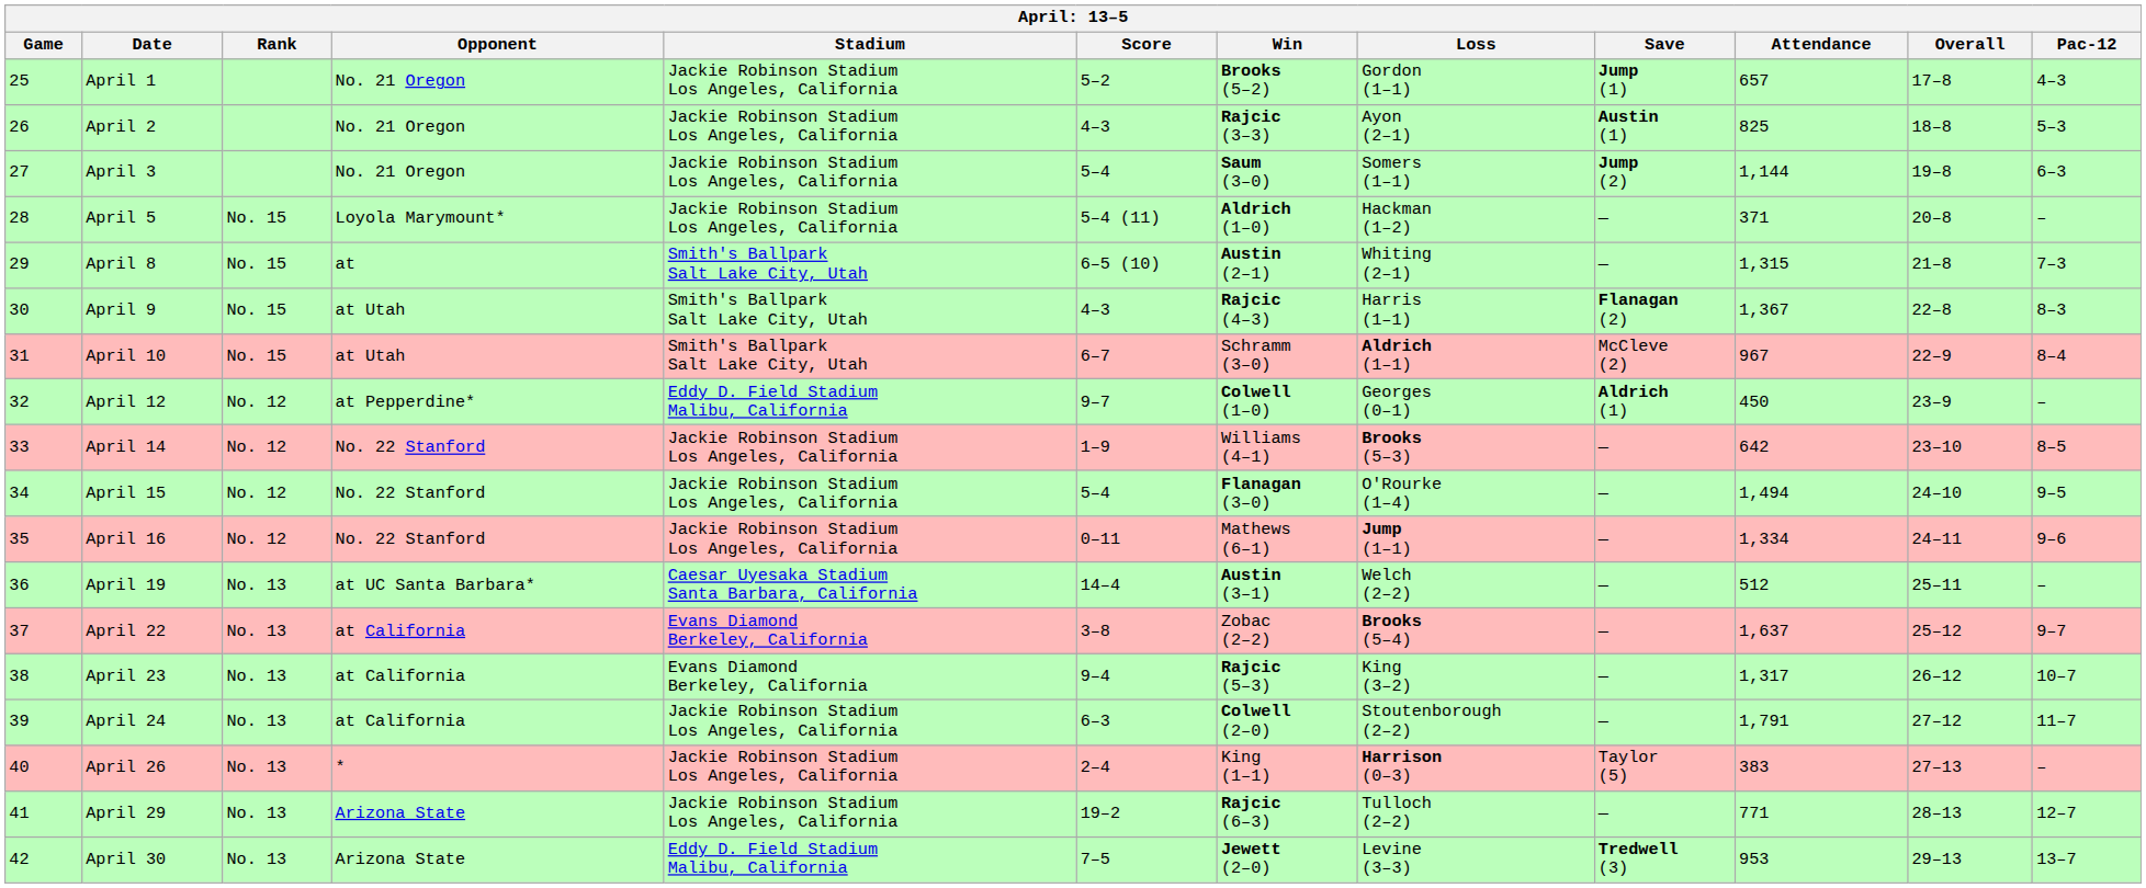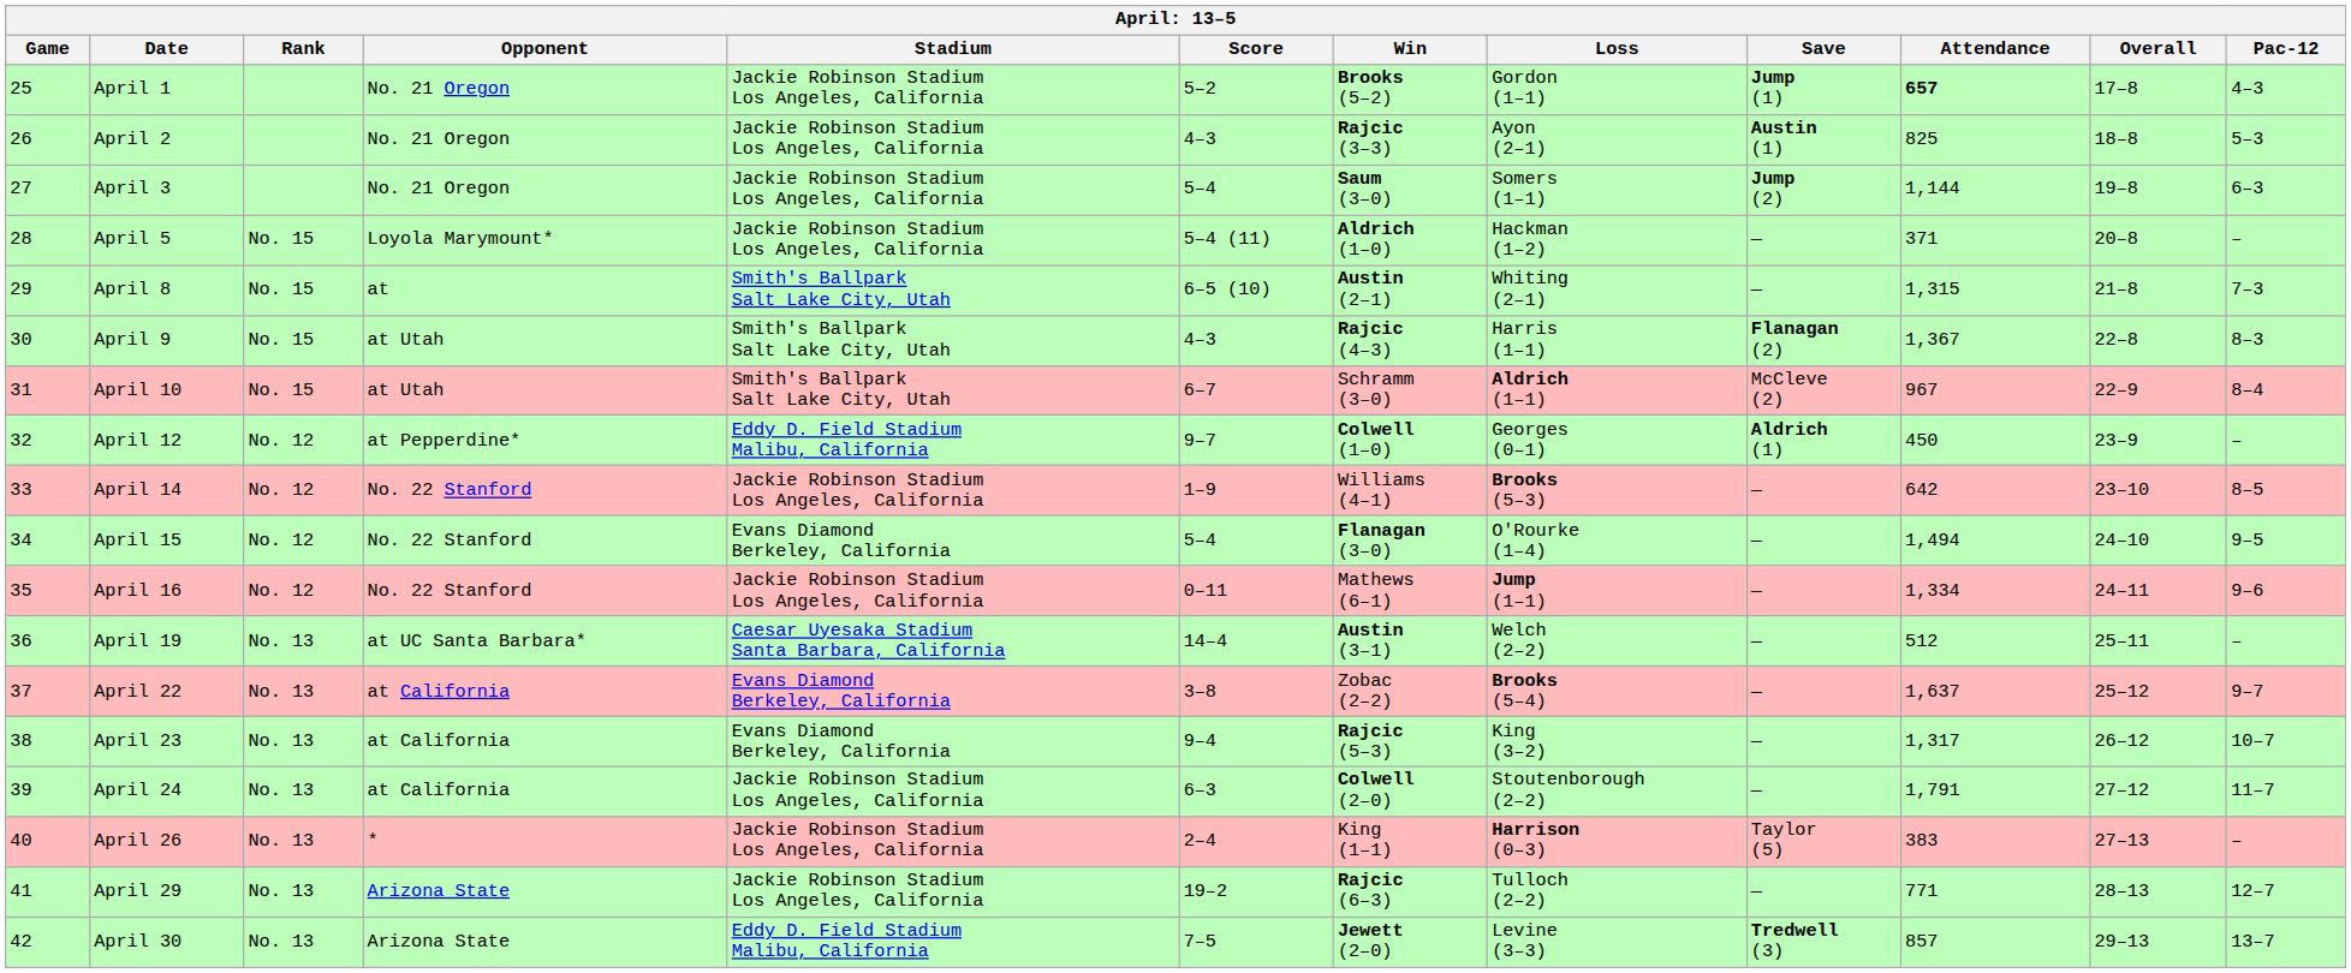 <table class="wikitable collapsible collapsed" style="margin:auto; font-size:95%; width:100%">
 <tr>
 <th colspan=12>April: 13–5</th>
 </tr>
 <tr>
 <th>Game</th>
 <th>Date</th>
 <th>Rank</th>
 <th>Opponent</th>
 <th>Stadium</th>
 <th>Score</th>
 <th>Win</th>
 <th>Loss</th>
 <th>Save</th>
 <th>Attendance</th>
 <th>Overall</th>
 <th>Pac-12</th>
 </tr>
 <tr style="background:#bfb;">
 <td>25</td>
 <td>April 1</td>
 <td></td>
 <td>No. 21 <a href='#'>Oregon</a></td>
 <td>Jackie Robinson Stadium<br>Los Angeles, California</td>
 <td>5–2</td>
 <td><strong>Brooks</strong><br>(5–2)</td>
 <td>Gordon<br>(1–1)</td>
 <td><strong>Jump</strong><br>(1)</td>
-<td>657</td>
+<td><strong>657</strong></td>
 <td>17–8</td>
 <td>4–3</td>
 </tr>
 <tr style="background:#bfb;">
 <td>26</td>
 <td>April 2</td>
 <td></td>
 <td>No. 21 Oregon</td>
 <td>Jackie Robinson Stadium<br>Los Angeles, California</td>
 <td>4–3</td>
 <td><strong>Rajcic</strong><br>(3–3)</td>
 <td>Ayon<br>(2–1)</td>
 <td><strong>Austin</strong><br>(1)</td>
 <td>825</td>
 <td>18–8</td>
 <td>5–3</td>
 </tr>
 <tr style="background:#bfb;">
 <td>27</td>
 <td>April 3</td>
 <td></td>
 <td>No. 21 Oregon</td>
 <td>Jackie Robinson Stadium<br>Los Angeles, California</td>
 <td>5–4</td>
 <td><strong>Saum</strong><br>(3–0)</td>
 <td>Somers<br>(1–1)</td>
 <td><strong>Jump</strong><br>(2)</td>
 <td>1,144</td>
 <td>19–8</td>
 <td>6–3</td>
 </tr>
 <tr style="background:#bfb;">
 <td>28</td>
 <td>April 5</td>
 <td>No. 15</td>
 <td>Loyola Marymount*</td>
 <td>Jackie Robinson Stadium<br>Los Angeles, California</td>
 <td>5–4 (11)</td>
 <td><strong>Aldrich</strong><br>(1–0)</td>
 <td>Hackman<br>(1–2)</td>
 <td>—</td>
 <td>371</td>
 <td>20–8</td>
 <td>–</td>
 </tr>
 <tr style="background:#bfb;">
 <td>29</td>
 <td>April 8</td>
 <td>No. 15</td>
 <td>at </td>
 <td><a href='#'>Smith's Ballpark</a><br><a href='#'>Salt Lake City, Utah</a></td>
 <td>6–5 (10)</td>
 <td><strong>Austin</strong><br>(2–1)</td>
 <td>Whiting<br>(2–1)</td>
 <td>—</td>
 <td>1,315</td>
 <td>21–8</td>
 <td>7–3</td>
 </tr>
 <tr style="background:#bfb;">
 <td>30</td>
 <td>April 9</td>
 <td>No. 15</td>
 <td>at Utah</td>
 <td>Smith's Ballpark<br>Salt Lake City, Utah</td>
 <td>4–3</td>
 <td><strong>Rajcic</strong><br>(4–3)</td>
 <td>Harris<br>(1–1)</td>
 <td><strong>Flanagan</strong><br>(2)</td>
 <td>1,367</td>
 <td>22–8</td>
 <td>8–3</td>
 </tr>
 <tr style="background:#fbb;">
 <td>31</td>
 <td>April 10</td>
 <td>No. 15</td>
 <td>at Utah</td>
 <td>Smith's Ballpark<br>Salt Lake City, Utah</td>
 <td>6–7</td>
 <td>Schramm<br>(3–0)</td>
 <td><strong>Aldrich</strong><br>(1–1)</td>
 <td>McCleve<br>(2)</td>
 <td>967</td>
 <td>22–9</td>
 <td>8–4</td>
 </tr>
 <tr style="background:#bfb;">
 <td>32</td>
 <td>April 12</td>
 <td>No. 12</td>
 <td>at Pepperdine*</td>
 <td><a href='#'>Eddy D. Field Stadium</a><br><a href='#'>Malibu, California</a></td>
 <td>9–7</td>
 <td><strong>Colwell</strong><br>(1–0)</td>
 <td>Georges<br>(0–1)</td>
 <td><strong>Aldrich</strong><br>(1)</td>
 <td>450</td>
 <td>23–9</td>
 <td>–</td>
 </tr>
 <tr style="background:#fbb;">
 <td>33</td>
 <td>April 14</td>
 <td>No. 12</td>
 <td>No. 22 <a href='#'>Stanford</a></td>
 <td>Jackie Robinson Stadium<br>Los Angeles, California</td>
 <td>1–9</td>
 <td>Williams<br>(4–1)</td>
 <td><strong>Brooks</strong><br>(5–3)</td>
 <td>—</td>
 <td>642</td>
 <td>23–10</td>
 <td>8–5</td>
 </tr>
 <tr style="background:#bfb;">
 <td>34</td>
 <td>April 15</td>
 <td>No. 12</td>
 <td>No. 22 Stanford</td>
-<td>Jackie Robinson Stadium<br>Los Angeles, California</td>
+<td>Evans Diamond<br>Berkeley, California</td>
 <td>5–4</td>
 <td><strong>Flanagan</strong><br>(3–0)</td>
 <td>O'Rourke<br>(1–4)</td>
 <td>—</td>
 <td>1,494</td>
 <td>24–10</td>
 <td>9–5</td>
 </tr>
 <tr style="background:#fbb;">
 <td>35</td>
 <td>April 16</td>
 <td>No. 12</td>
 <td>No. 22 Stanford</td>
 <td>Jackie Robinson Stadium<br>Los Angeles, California</td>
 <td>0–11</td>
 <td>Mathews<br>(6–1)</td>
 <td><strong>Jump</strong><br>(1–1)</td>
 <td>—</td>
 <td>1,334</td>
 <td>24–11</td>
 <td>9–6</td>
 </tr>
 <tr style="background:#bfb;">
 <td>36</td>
 <td>April 19</td>
 <td>No. 13</td>
 <td>at UC Santa Barbara*</td>
 <td><a href='#'>Caesar Uyesaka Stadium</a><br><a href='#'>Santa Barbara, California</a></td>
 <td>14–4</td>
 <td><strong>Austin</strong><br>(3–1)</td>
 <td>Welch<br>(2–2)</td>
 <td>—</td>
 <td>512</td>
 <td>25–11</td>
 <td>–</td>
 </tr>
 <tr style="background:#fbb;">
 <td>37</td>
 <td>April 22</td>
 <td>No. 13</td>
 <td>at <a href='#'>California</a></td>
 <td><a href='#'>Evans Diamond</a><br><a href='#'>Berkeley, California</a></td>
 <td>3–8</td>
 <td>Zobac<br>(2–2)</td>
 <td><strong>Brooks</strong><br>(5–4)</td>
 <td>—</td>
 <td>1,637</td>
 <td>25–12</td>
 <td>9–7</td>
 </tr>
 <tr style="background:#bfb;">
 <td>38</td>
 <td>April 23</td>
 <td>No. 13</td>
 <td>at California</td>
 <td>Evans Diamond<br>Berkeley, California</td>
 <td>9–4</td>
 <td><strong>Rajcic</strong><br>(5–3)</td>
 <td>King<br>(3–2)</td>
 <td>—</td>
 <td>1,317</td>
 <td>26–12</td>
 <td>10–7</td>
 </tr>
 <tr style="background:#bfb;">
 <td>39</td>
 <td>April 24</td>
 <td>No. 13</td>
 <td>at California</td>
 <td>Jackie Robinson Stadium<br>Los Angeles, California</td>
 <td>6–3</td>
 <td><strong>Colwell</strong><br>(2–0)</td>
 <td>Stoutenborough<br>(2–2)</td>
 <td>—</td>
 <td>1,791</td>
 <td>27–12</td>
 <td>11–7</td>
 </tr>
 <tr style="background:#fbb;">
 <td>40</td>
 <td>April 26</td>
 <td>No. 13</td>
 <td>*</td>
 <td>Jackie Robinson Stadium<br>Los Angeles, California</td>
 <td>2–4</td>
 <td>King<br>(1–1)</td>
 <td><strong>Harrison</strong><br>(0–3)</td>
 <td>Taylor<br>(5)</td>
 <td>383</td>
 <td>27–13</td>
 <td>–</td>
 </tr>
 <tr style="background:#bfb;">
 <td>41</td>
 <td>April 29</td>
 <td>No. 13</td>
 <td><a href='#'>Arizona State</a></td>
 <td>Jackie Robinson Stadium<br>Los Angeles, California</td>
 <td>19–2</td>
 <td><strong>Rajcic</strong><br>(6–3)</td>
 <td>Tulloch<br>(2–2)</td>
 <td>—</td>
 <td>771</td>
 <td>28–13</td>
 <td>12–7</td>
 </tr>
 <tr style="background:#bfb;">
 <td>42</td>
 <td>April 30</td>
 <td>No. 13</td>
 <td>Arizona State</td>
 <td><a href='#'>Eddy D. Field Stadium</a><br><a href='#'>Malibu, California</a></td>
 <td>7–5</td>
 <td><strong>Jewett</strong><br>(2–0)</td>
 <td>Levine<br>(3–3)</td>
 <td><strong>Tredwell</strong><br>(3)</td>
-<td>953</td>
+<td>857</td>
 <td>29–13</td>
 <td>13–7</td>
 </tr>
 </table>
